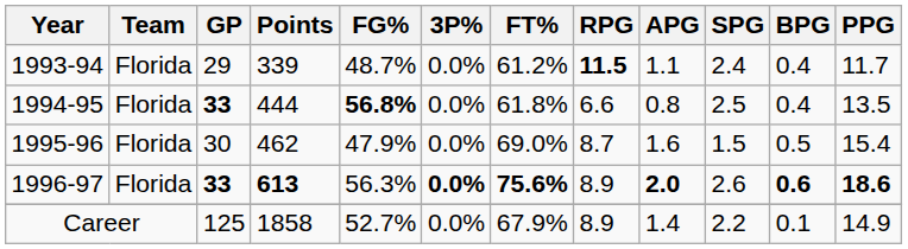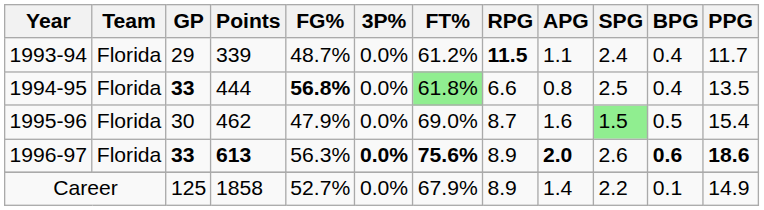 <table class="wikitable">
 <tr>
 <th>Year</th>
 <th>Team</th>
 <th>GP</th>
 <th>Points</th>
 <th>FG%</th>
 <th>3P%</th>
 <th>FT%</th>
 <th>RPG</th>
 <th>APG</th>
 <th>SPG</th>
 <th>BPG</th>
 <th>PPG</th>
 </tr>
 <tr>
 <td>1993-94</td>
 <td>Florida</td>
 <td>29</td>
 <td>339</td>
 <td>48.7%</td>
 <td>0.0%</td>
 <td>61.2%</td>
 <td><strong>11.5</strong></td>
 <td>1.1</td>
 <td>2.4</td>
 <td>0.4</td>
 <td>11.7</td>
 </tr>
 <tr>
 <td>1994-95</td>
 <td>Florida</td>
 <td><strong>33</strong></td>
 <td>444</td>
 <td><strong>56.8%</strong></td>
 <td>0.0%</td>
-<td>61.8%</td>
+<td style="background: lightgreen;">61.8%</td>
 <td>6.6</td>
 <td>0.8</td>
 <td>2.5</td>
 <td>0.4</td>
 <td>13.5</td>
 </tr>
 <tr>
 <td>1995-96</td>
 <td>Florida</td>
 <td>30</td>
 <td>462</td>
 <td>47.9%</td>
 <td>0.0%</td>
 <td>69.0%</td>
 <td>8.7</td>
 <td>1.6</td>
-<td>1.5</td>
+<td style="background: lightgreen;">1.5</td>
 <td>0.5</td>
 <td>15.4</td>
 </tr>
 <tr>
 <td>1996-97</td>
 <td>Florida</td>
 <td><strong>33</strong></td>
 <td><strong>613</strong></td>
 <td>56.3%</td>
 <td><strong>0.0%</strong></td>
 <td><strong>75.6%</strong></td>
 <td>8.9</td>
 <td><strong>2.0</strong></td>
 <td>2.6</td>
 <td><strong>0.6</strong></td>
 <td><strong>18.6</strong></td>
 </tr>
 <tr>
 </tr>
 <tr class="sortbottom">
 <td style="text-align:center;" colspan="2">Career</td>
 <td>125</td>
 <td>1858</td>
 <td>52.7%</td>
 <td>0.0%</td>
 <td>67.9%</td>
 <td>8.9</td>
 <td>1.4</td>
 <td>2.2</td>
 <td>0.1</td>
 <td>14.9</td>
 </tr>
 </table>
